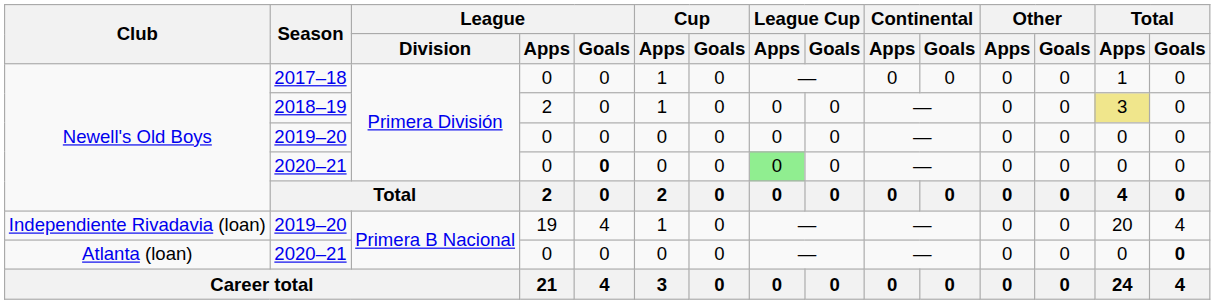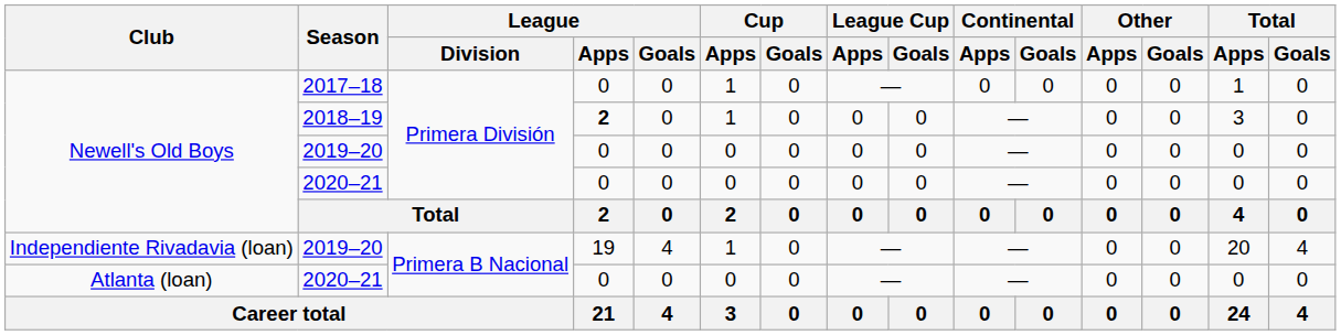 <table class="wikitable" style="text-align:center">
 <tr>
 <th rowspan="2">Club</th>
 <th rowspan="2">Season</th>
 <th colspan="3">League</th>
 <th colspan="2">Cup</th>
 <th colspan="2">League Cup</th>
 <th colspan="2">Continental</th>
 <th colspan="2">Other</th>
 <th colspan="2">Total</th>
 </tr>
 <tr>
 <th>Division</th>
 <th>Apps</th>
 <th>Goals</th>
 <th>Apps</th>
 <th>Goals</th>
 <th>Apps</th>
 <th>Goals</th>
 <th>Apps</th>
 <th>Goals</th>
 <th>Apps</th>
 <th>Goals</th>
 <th>Apps</th>
 <th>Goals</th>
 </tr>
 <tr>
 <td rowspan="5"><a href='#'>Newell's Old Boys</a></td>
 <td><a href='#'>2017–18</a></td>
 <td rowspan="4"><a href='#'>Primera División</a></td>
 <td>0</td>
 <td>0</td>
 <td>1</td>
 <td>0</td>
 <td colspan="2">—</td>
 <td>0</td>
 <td>0</td>
 <td>0</td>
 <td>0</td>
 <td>1</td>
 <td>0</td>
 </tr>
 <tr>
 <td><a href='#'>2018–19</a></td>
-<td>2</td>
+<td><strong>2</strong></td>
 <td>0</td>
 <td>1</td>
 <td>0</td>
 <td>0</td>
 <td>0</td>
 <td colspan="2">—</td>
 <td>0</td>
 <td>0</td>
-<td style="background: khaki;">3</td>
+<td>3</td>
 <td>0</td>
 </tr>
 <tr>
 <td><a href='#'>2019–20</a></td>
 <td>0</td>
 <td>0</td>
 <td>0</td>
 <td>0</td>
 <td>0</td>
 <td>0</td>
 <td colspan="2">—</td>
 <td>0</td>
 <td>0</td>
 <td>0</td>
 <td>0</td>
 </tr>
 <tr>
 <td><a href='#'>2020–21</a></td>
 <td>0</td>
-<td><strong>0</strong></td>
 <td>0</td>
 <td>0</td>
-<td style="background: lightgreen;">0</td>
+<td>0</td>
+<td>0</td>
 <td>0</td>
 <td colspan="2">—</td>
 <td>0</td>
 <td>0</td>
 <td>0</td>
 <td>0</td>
 </tr>
 <tr>
 <th colspan="2">Total</th>
 <th>2</th>
 <th>0</th>
 <th>2</th>
 <th>0</th>
 <th>0</th>
 <th>0</th>
 <th>0</th>
 <th>0</th>
 <th>0</th>
 <th>0</th>
 <th>4</th>
 <th>0</th>
 </tr>
 <tr>
 <td rowspan="1"><a href='#'>Independiente Rivadavia</a> (loan)</td>
 <td><a href='#'>2019–20</a></td>
 <td rowspan="2"><a href='#'>Primera B Nacional</a></td>
 <td>19</td>
 <td>4</td>
 <td>1</td>
 <td>0</td>
 <td colspan="2">—</td>
 <td colspan="2">—</td>
 <td>0</td>
 <td>0</td>
 <td>20</td>
 <td>4</td>
 </tr>
 <tr>
 <td rowspan="1"><a href='#'>Atlanta</a> (loan)</td>
 <td><a href='#'>2020–21</a></td>
 <td>0</td>
 <td>0</td>
 <td>0</td>
 <td>0</td>
 <td colspan="2">—</td>
 <td colspan="2">—</td>
 <td>0</td>
 <td>0</td>
 <td>0</td>
-<td><strong>0</strong></td>
+<td>0</td>
 </tr>
 <tr>
 <th colspan="3">Career total</th>
 <th>21</th>
 <th>4</th>
 <th>3</th>
 <th>0</th>
 <th>0</th>
 <th>0</th>
 <th>0</th>
 <th>0</th>
 <th>0</th>
 <th>0</th>
 <th>24</th>
 <th>4</th>
 </tr>
 </table>
